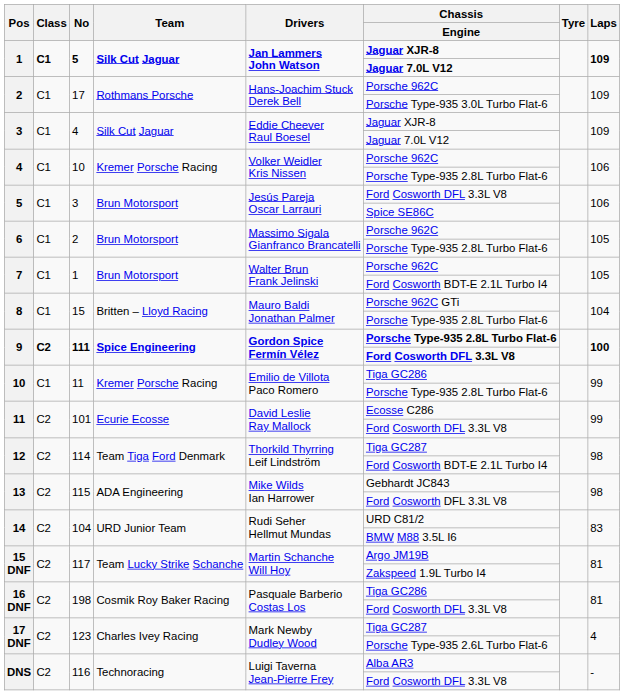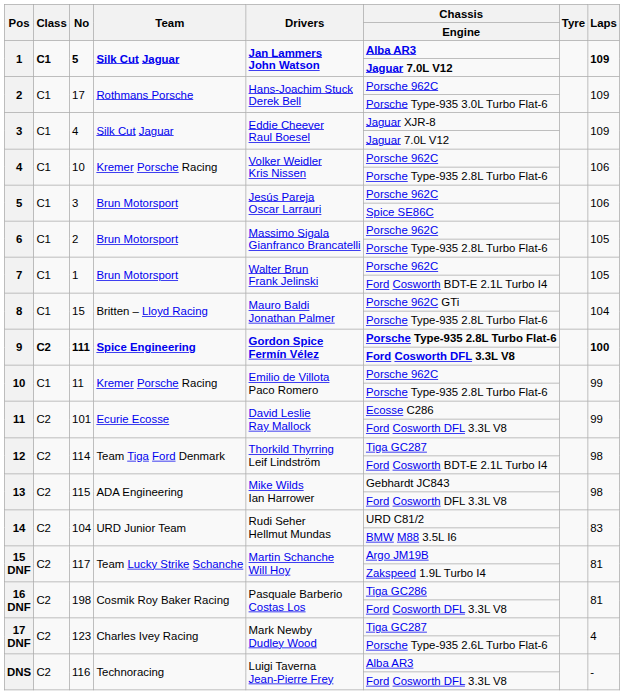 <table class="wikitable" style="font-size: 95%;">
 <tr>
 <th rowspan=2>Pos</th>
 <th rowspan=2>Class</th>
 <th rowspan=2>No</th>
 <th rowspan=2>Team</th>
 <th rowspan=2>Drivers</th>
 <th>Chassis</th>
 <th rowspan=2>Tyre</th>
 <th rowspan=2>Laps</th>
 </tr>
 <tr>
 <th>Engine</th>
 </tr>
 <tr style="font-weight:bold">
 <th rowspan=2>1</th>
 <td rowspan=2>C1</td>
 <td rowspan=2>5</td>
 <td rowspan=2> <a href='#'>Silk Cut</a> <a href='#'>Jaguar</a></td>
 <td rowspan=2> <a href='#'>Jan Lammers</a><br> <a href='#'>John Watson</a></td>
-<td><a href='#'>Jaguar</a> XJR-8</td>
+<td><a href='#'>Alba AR3</a></td>
 <td rowspan=2></td>
 <td rowspan=2>109</td>
 </tr>
 <tr style="font-weight:bold">
 <td><a href='#'>Jaguar</a> 7.0L V12</td>
 </tr>
 <tr>
 <th rowspan=2>2</th>
 <td rowspan=2>C1</td>
 <td rowspan=2>17</td>
 <td rowspan=2> <a href='#'>Rothmans Porsche</a></td>
 <td rowspan=2> <a href='#'>Hans-Joachim Stuck</a><br> <a href='#'>Derek Bell</a></td>
 <td><a href='#'>Porsche 962C</a></td>
 <td rowspan=2></td>
 <td rowspan=2>109</td>
 </tr>
 <tr>
 <td><a href='#'>Porsche</a> Type-935 3.0L Turbo Flat-6</td>
 </tr>
 <tr>
 <th rowspan=2>3</th>
 <td rowspan=2>C1</td>
 <td rowspan=2>4</td>
 <td rowspan=2> <a href='#'>Silk Cut</a> <a href='#'>Jaguar</a></td>
 <td rowspan=2> <a href='#'>Eddie Cheever</a><br> <a href='#'>Raul Boesel</a></td>
 <td><a href='#'>Jaguar</a> XJR-8</td>
 <td rowspan=2></td>
 <td rowspan=2>109</td>
 </tr>
 <tr>
 <td><a href='#'>Jaguar</a> 7.0L V12</td>
 </tr>
 <tr>
 <th rowspan=2>4</th>
 <td rowspan=2>C1</td>
 <td rowspan=2>10</td>
 <td rowspan=2> <a href='#'>Kremer</a> <a href='#'>Porsche</a> Racing</td>
 <td rowspan=2> <a href='#'>Volker Weidler</a><br> <a href='#'>Kris Nissen</a></td>
 <td><a href='#'>Porsche 962C</a></td>
 <td rowspan=2></td>
 <td rowspan=2>106</td>
 </tr>
 <tr>
 <td><a href='#'>Porsche</a> Type-935 2.8L Turbo Flat-6</td>
 </tr>
 <tr>
 <th rowspan=2>5</th>
 <td rowspan=2>C1</td>
 <td rowspan=2>3</td>
 <td rowspan=2> <a href='#'>Brun Motorsport</a></td>
 <td rowspan=2> <a href='#'>Jesús Pareja</a><br> <a href='#'>Oscar Larrauri</a></td>
-<td><a href='#'>Ford</a> <a href='#'>Cosworth DFL</a> 3.3L V8</td>
+<td><a href='#'>Porsche 962C</a></td>
 <td rowspan=2></td>
 <td rowspan=2>106</td>
 </tr>
 <tr>
 <td><a href='#'>Spice SE86C</a></td>
 </tr>
 <tr>
 <th rowspan=2>6</th>
 <td rowspan=2>C1</td>
 <td rowspan=2>2</td>
 <td rowspan=2> <a href='#'>Brun Motorsport</a></td>
 <td rowspan=2> <a href='#'>Massimo Sigala</a><br> <a href='#'>Gianfranco Brancatelli</a></td>
 <td><a href='#'>Porsche 962C</a></td>
 <td rowspan=2></td>
 <td rowspan=2>105</td>
 </tr>
 <tr>
 <td><a href='#'>Porsche</a> Type-935 2.8L Turbo Flat-6</td>
 </tr>
 <tr>
 <th rowspan=2>7</th>
 <td rowspan=2>C1</td>
 <td rowspan=2>1</td>
 <td rowspan=2> <a href='#'>Brun Motorsport</a></td>
 <td rowspan=2> <a href='#'>Walter Brun</a><br> <a href='#'>Frank Jelinski</a></td>
 <td><a href='#'>Porsche 962C</a></td>
 <td rowspan=2></td>
 <td rowspan=2>105</td>
 </tr>
 <tr>
 <td><a href='#'>Ford</a> <a href='#'>Cosworth</a> BDT-E 2.1L Turbo I4</td>
 </tr>
 <tr>
 <th rowspan=2>8</th>
 <td rowspan=2>C1</td>
 <td rowspan=2>15</td>
 <td rowspan=2> Britten – <a href='#'>Lloyd Racing</a></td>
 <td rowspan=2> <a href='#'>Mauro Baldi</a><br> <a href='#'>Jonathan Palmer</a></td>
 <td><a href='#'>Porsche 962C</a> GTi</td>
 <td rowspan=2></td>
 <td rowspan=2>104</td>
 </tr>
 <tr>
 <td><a href='#'>Porsche</a> Type-935 2.8L Turbo Flat-6</td>
 </tr>
 <tr style="font-weight:bold">
 <th rowspan=2>9</th>
 <td rowspan=2>C2</td>
 <td rowspan=2>111</td>
 <td rowspan=2> <a href='#'>Spice Engineering</a></td>
 <td rowspan=2> <a href='#'>Gordon Spice</a><br> <a href='#'>Fermín Vélez</a></td>
 <td><a href='#'>Porsche</a> Type-935 2.8L Turbo Flat-6</td>
 <td rowspan=2></td>
 <td rowspan=2>100</td>
 </tr>
 <tr style="font-weight:bold">
 <td><a href='#'>Ford</a> <a href='#'>Cosworth DFL</a> 3.3L V8</td>
 </tr>
 <tr>
 <th rowspan=2>10</th>
 <td rowspan=2>C1</td>
 <td rowspan=2>11</td>
 <td rowspan=2> <a href='#'>Kremer</a> <a href='#'>Porsche</a> Racing</td>
 <td rowspan=2> <a href='#'>Emilio de Villota</a><br> Paco Romero</td>
-<td><a href='#'>Tiga GC286</a></td>
+<td><a href='#'>Porsche 962C</a></td>
 <td rowspan=2></td>
 <td rowspan=2>99</td>
 </tr>
 <tr>
 <td><a href='#'>Porsche</a> Type-935 2.8L Turbo Flat-6</td>
 </tr>
 <tr>
 <th rowspan=2>11</th>
 <td rowspan=2>C2</td>
 <td rowspan=2>101</td>
 <td rowspan=2> <a href='#'>Ecurie Ecosse</a></td>
 <td rowspan=2> <a href='#'>David Leslie</a><br> <a href='#'>Ray Mallock</a></td>
 <td><a href='#'>Ecosse</a> C286</td>
 <td rowspan=2></td>
 <td rowspan=2>99</td>
 </tr>
 <tr>
 <td><a href='#'>Ford</a> <a href='#'>Cosworth DFL</a> 3.3L V8</td>
 </tr>
 <tr>
 <th rowspan=2>12</th>
 <td rowspan=2>C2</td>
 <td rowspan=2>114</td>
 <td rowspan=2> Team <a href='#'>Tiga</a> <a href='#'>Ford</a> Denmark</td>
 <td rowspan=2> <a href='#'>Thorkild Thyrring</a><br> Leif Lindström</td>
 <td><a href='#'>Tiga GC287</a></td>
 <td rowspan=2></td>
 <td rowspan=2>98</td>
 </tr>
 <tr>
 <td><a href='#'>Ford</a> <a href='#'>Cosworth</a> BDT-E 2.1L Turbo I4</td>
 </tr>
 <tr>
 <th rowspan=2>13</th>
 <td rowspan=2>C2</td>
 <td rowspan=2>115</td>
 <td rowspan=2> ADA Engineering</td>
 <td rowspan=2> <a href='#'>Mike Wilds</a><br> Ian Harrower</td>
 <td>Gebhardt JC843</td>
 <td rowspan=2></td>
 <td rowspan=2>98</td>
 </tr>
 <tr>
 <td><a href='#'>Ford</a> <a href='#'>Cosworth</a> DFL 3.3L V8</td>
 </tr>
 <tr>
 <th rowspan=2>14</th>
 <td rowspan=2>C2</td>
 <td rowspan=2>104</td>
 <td rowspan=2> URD Junior Team</td>
 <td rowspan=2> Rudi Seher<br> Hellmut Mundas</td>
 <td>URD C81/2</td>
 <td rowspan=2></td>
 <td rowspan=2>83</td>
 </tr>
 <tr>
 <td><a href='#'>BMW</a> <a href='#'>M88</a> 3.5L I6</td>
 </tr>
 <tr>
 <th rowspan=2>15<br>DNF</th>
 <td rowspan=2>C2</td>
 <td rowspan=2>117</td>
 <td rowspan=2> Team <a href='#'>Lucky Strike</a> <a href='#'>Schanche</a></td>
 <td rowspan=2> <a href='#'>Martin Schanche</a><br> <a href='#'>Will Hoy</a></td>
 <td><a href='#'>Argo JM19B</a></td>
 <td rowspan=2></td>
 <td rowspan=2>81</td>
 </tr>
 <tr>
 <td><a href='#'>Zakspeed</a> 1.9L Turbo I4</td>
 </tr>
 <tr>
 <th rowspan=2>16<br>DNF</th>
 <td rowspan=2>C2</td>
 <td rowspan=2>198</td>
 <td rowspan=2> Cosmik Roy Baker Racing</td>
 <td rowspan=2> Pasquale Barberio<br> <a href='#'>Costas Los</a></td>
 <td><a href='#'>Tiga GC286</a></td>
 <td rowspan=2></td>
 <td rowspan=2>81</td>
 </tr>
 <tr>
 <td><a href='#'>Ford</a> <a href='#'>Cosworth DFL</a> 3.3L V8</td>
 </tr>
 <tr>
 <th rowspan=2>17<br>DNF</th>
 <td rowspan=2>C2</td>
 <td rowspan=2>123</td>
 <td rowspan=2> Charles Ivey Racing</td>
 <td rowspan=2> Mark Newby<br> <a href='#'>Dudley Wood</a></td>
 <td><a href='#'>Tiga GC287</a></td>
 <td rowspan=2></td>
 <td rowspan=2>4</td>
 </tr>
 <tr>
 <td><a href='#'>Porsche</a> Type-935 2.6L Turbo Flat-6</td>
 </tr>
 <tr>
 <th rowspan=2>DNS</th>
 <td rowspan=2>C2</td>
 <td rowspan=2>116</td>
 <td rowspan=2> Technoracing</td>
 <td rowspan=2> Luigi Taverna<br> <a href='#'>Jean-Pierre Frey</a></td>
 <td><a href='#'>Alba AR3</a></td>
 <td rowspan=2></td>
 <td rowspan=2>-</td>
 </tr>
 <tr>
 <td><a href='#'>Ford</a> <a href='#'>Cosworth DFL</a> 3.3L V8</td>
 </tr>
 </table>
